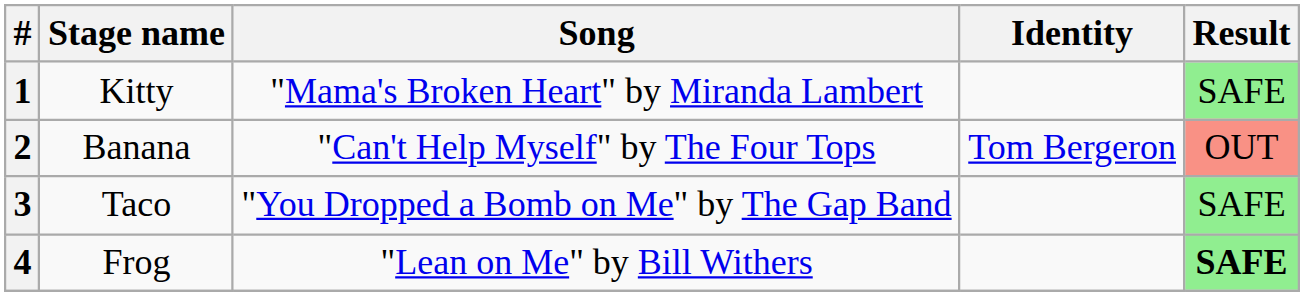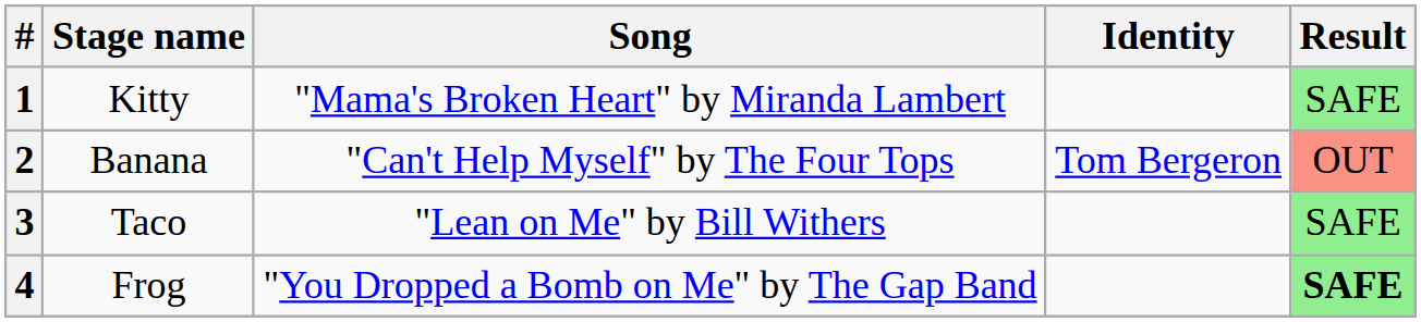 <table class="wikitable plainrowheaders" style="text-align: center;">
 <tr>
 <th>#</th>
 <th>Stage name</th>
 <th>Song</th>
 <th>Identity</th>
 <th colspan=2>Result</th>
 </tr>
 <tr>
 <th>1</th>
 <td>Kitty</td>
 <td>"<a href='#'>Mama's Broken Heart</a>" by <a href='#'>Miranda Lambert</a></td>
 <td></td>
 <td bgcolor=lightgreen>SAFE</td>
 </tr>
 <tr>
 <th>2</th>
 <td>Banana</td>
 <td>"<a href='#'>Can't Help Myself</a>" by <a href='#'>The Four Tops</a></td>
 <td><a href='#'>Tom Bergeron</a></td>
 <td bgcolor=#F99185>OUT</td>
 </tr>
 <tr>
 <th>3</th>
 <td>Taco</td>
-<td>"<a href='#'>You Dropped a Bomb on Me</a>" by <a href='#'>The Gap Band</a></td>
+<td>"<a href='#'>Lean on Me</a>" by <a href='#'>Bill Withers</a></td>
 <td></td>
 <td bgcolor=lightgreen>SAFE</td>
 </tr>
 <tr>
 <th>4</th>
 <td>Frog</td>
-<td>"<a href='#'>Lean on Me</a>" by <a href='#'>Bill Withers</a></td>
+<td>"<a href='#'>You Dropped a Bomb on Me</a>" by <a href='#'>The Gap Band</a></td>
 <td></td>
 <td bgcolor=lightgreen><strong>SAFE</strong></td>
 </tr>
 <tr>
 </tr>
 </table>
